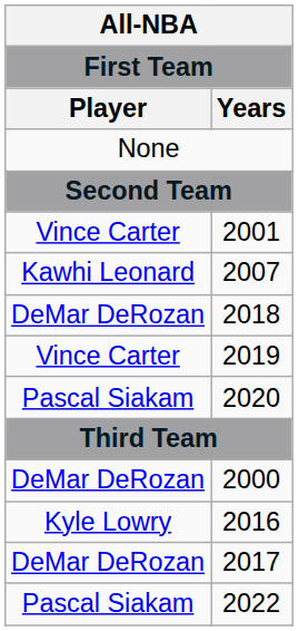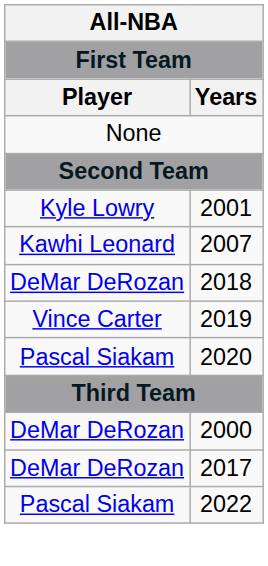 <table class="wikitable" style="text-align:center">
 <tr>
 <th colspan="2">All-NBA</th>
 </tr>
 <tr>
 <th colspan="2" style="text-align:center; background:#A1A1A4; color:#061922;">First Team</th>
 </tr>
 <tr>
 <th>Player</th>
 <th>Years</th>
 </tr>
 <tr>
 <td colspan="2">None</td>
 </tr>
 <tr>
 <th colspan="2" style="text-align:center; background:#A1A1A4; color:#061922;">Second Team</th>
 </tr>
 <tr>
-<td><a href='#'>Vince Carter</a></td>
+<td><a href='#'>Kyle Lowry</a></td>
 <td>2001</td>
 </tr>
 <tr>
 <td><a href='#'>Kawhi Leonard</a></td>
 <td>2007</td>
 </tr>
 <tr>
 <td><a href='#'>DeMar DeRozan</a></td>
 <td>2018</td>
 </tr>
 <tr>
 <td><a href='#'>Vince Carter</a></td>
 <td>2019</td>
 </tr>
 <tr>
 <td><a href='#'>Pascal Siakam</a></td>
 <td>2020</td>
 </tr>
 <tr>
 <th colspan="2" style="text-align:center; background:#A1A1A4; color:#061922;">Third Team</th>
 </tr>
 <tr>
 <td><a href='#'>DeMar DeRozan</a></td>
 <td>2000</td>
 </tr>
 <tr>
-<td><a href='#'>Kyle Lowry</a></td>
-<td>2016</td>
-</tr>
-<tr>
 <td><a href='#'>DeMar DeRozan</a></td>
 <td>2017</td>
 </tr>
 <tr>
 <td><a href='#'>Pascal Siakam</a></td>
 <td>2022</td>
 </tr>
 </table>
